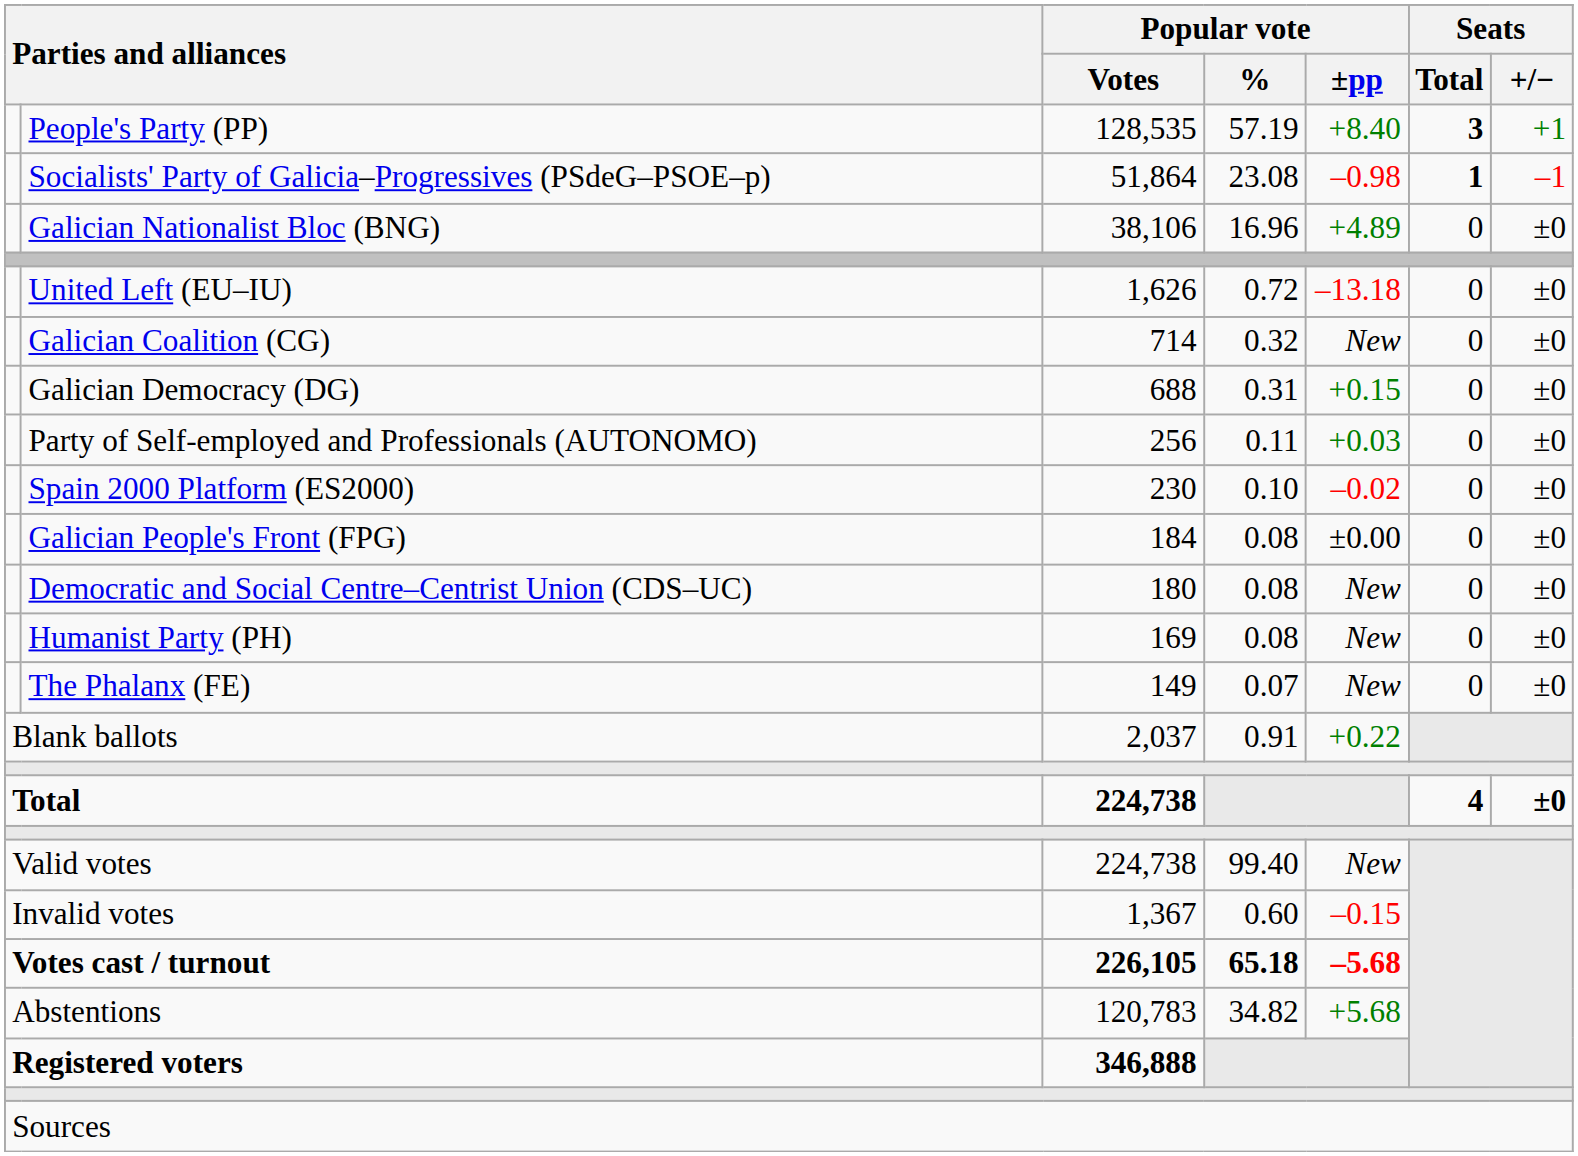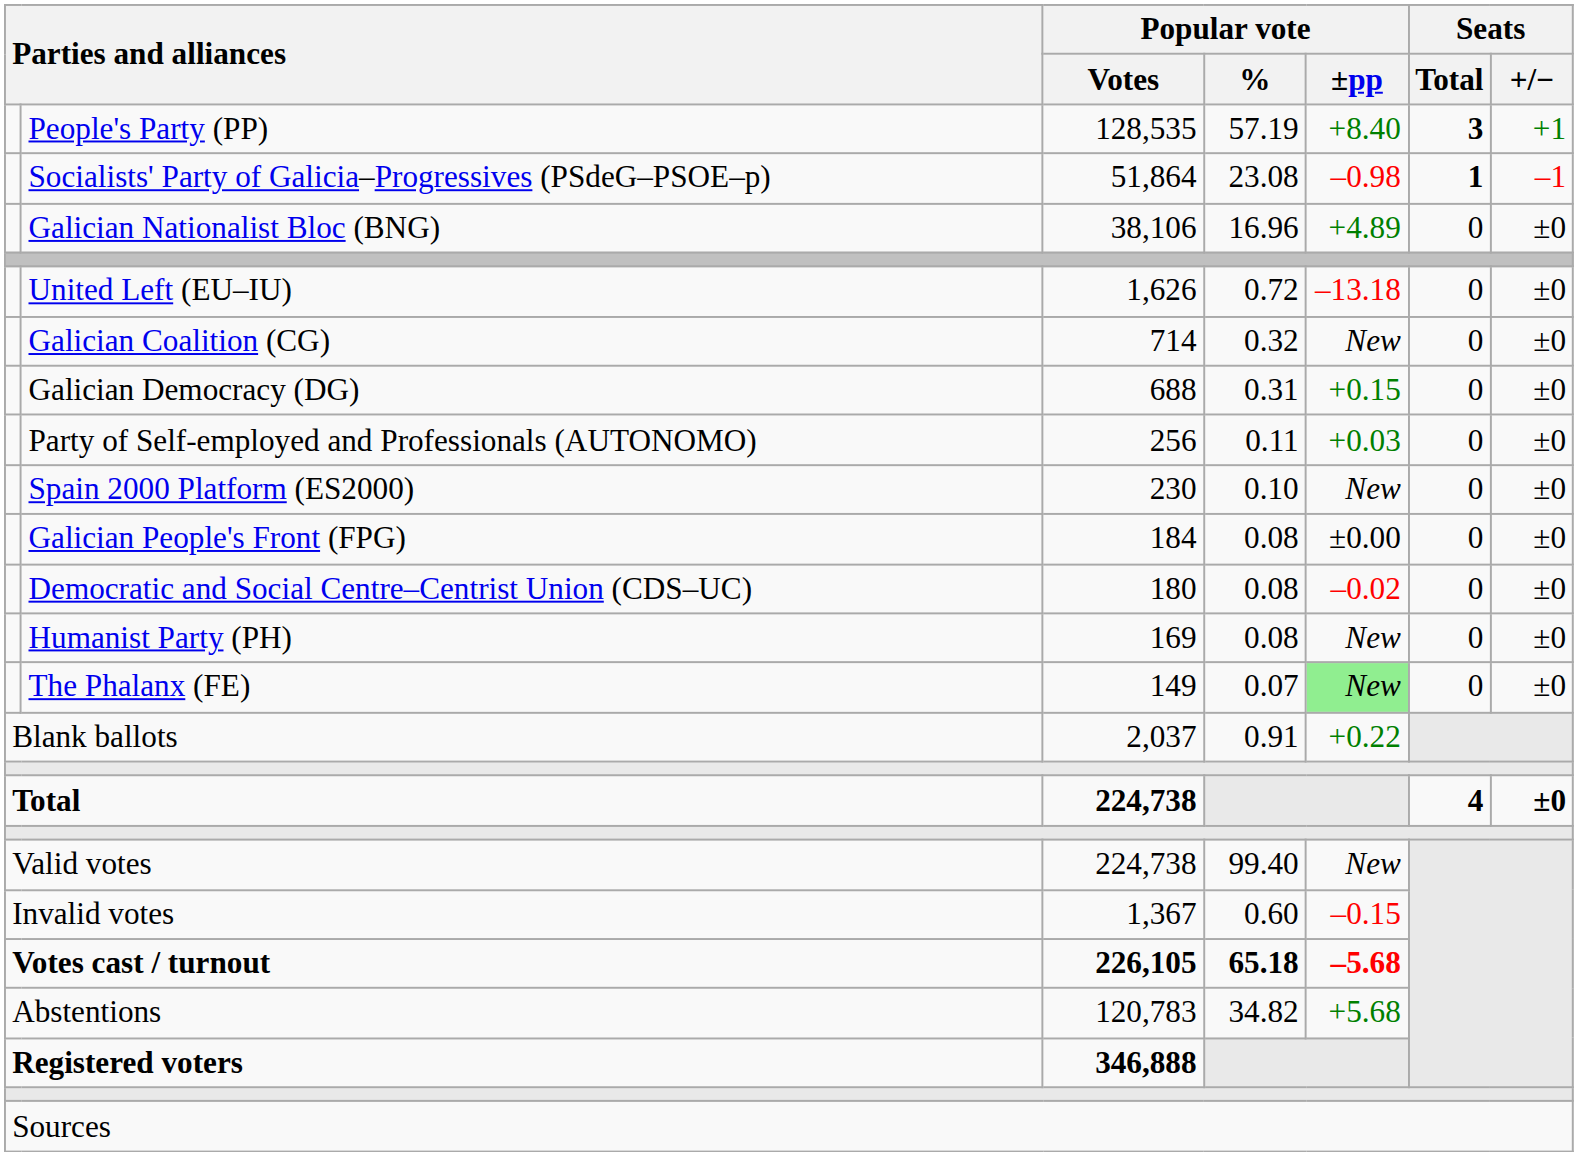 <table class="wikitable" style="text-align:right;">
 <tr>
 <th style="text-align:left;" rowspan="2" colspan="2" width="525">Parties and alliances</th>
 <th colspan="3">Popular vote</th>
 <th colspan="2">Seats</th>
 </tr>
 <tr>
 <th width="75">Votes</th>
 <th width="45">%</th>
 <th width="45">±<a href='#'>pp</a></th>
 <th width="35">Total</th>
 <th width="35">+/−</th>
 </tr>
 <tr>
 <td width="1" style="color:inherit;background:"></td>
 <td align="left"><a href='#'>People's Party</a> (PP)</td>
 <td>128,535</td>
 <td>57.19</td>
 <td style="color:green;">+8.40</td>
 <td><strong>3</strong></td>
 <td style="color:green;">+1</td>
 </tr>
 <tr>
 <td style="color:inherit;background:"></td>
 <td align="left"><a href='#'>Socialists' Party of Galicia</a>–<a href='#'>Progressives</a> (PSdeG–PSOE–p)</td>
 <td>51,864</td>
 <td>23.08</td>
 <td style="color:red;">–0.98</td>
 <td><strong>1</strong></td>
 <td style="color:red;">–1</td>
 </tr>
 <tr>
 <td style="color:inherit;background:"></td>
 <td align="left"><a href='#'>Galician Nationalist Bloc</a> (BNG)</td>
 <td>38,106</td>
 <td>16.96</td>
 <td style="color:green;">+4.89</td>
 <td>0</td>
 <td>±0</td>
 </tr>
 <tr>
 <td colspan="7" bgcolor="#C0C0C0"></td>
 </tr>
 <tr>
 <td style="color:inherit;background:"></td>
 <td align="left"><a href='#'>United Left</a> (EU–IU)</td>
 <td>1,626</td>
 <td>0.72</td>
 <td style="color:red;">–13.18</td>
 <td>0</td>
 <td>±0</td>
 </tr>
 <tr>
 <td style="color:inherit;background:"></td>
 <td align="left"><a href='#'>Galician Coalition</a> (CG)</td>
 <td>714</td>
 <td>0.32</td>
 <td><em>New</em></td>
 <td>0</td>
 <td>±0</td>
 </tr>
 <tr>
 <td style="color:inherit;background:"></td>
 <td align="left">Galician Democracy (DG)</td>
 <td>688</td>
 <td>0.31</td>
 <td style="color:green;">+0.15</td>
 <td>0</td>
 <td>±0</td>
 </tr>
 <tr>
 <td style="color:inherit;background:"></td>
 <td align="left">Party of Self-employed and Professionals (AUTONOMO)</td>
 <td>256</td>
 <td>0.11</td>
 <td style="color:green;">+0.03</td>
 <td>0</td>
 <td>±0</td>
 </tr>
 <tr>
 <td style="color:inherit;background:"></td>
 <td align="left"><a href='#'>Spain 2000 Platform</a> (ES2000)</td>
 <td>230</td>
 <td>0.10</td>
-<td style="color:red;">–0.02</td>
+<td><em>New</em></td>
 <td>0</td>
 <td>±0</td>
 </tr>
 <tr>
 <td style="color:inherit;background:"></td>
 <td align="left"><a href='#'>Galician People's Front</a> (FPG)</td>
 <td>184</td>
 <td>0.08</td>
 <td>±0.00</td>
 <td>0</td>
 <td>±0</td>
 </tr>
 <tr>
 <td style="color:inherit;background:"></td>
 <td align="left"><a href='#'>Democratic and Social Centre–Centrist Union</a> (CDS–UC)</td>
 <td>180</td>
 <td>0.08</td>
-<td><em>New</em></td>
+<td style="color:red;">–0.02</td>
 <td>0</td>
 <td>±0</td>
 </tr>
 <tr>
 <td style="color:inherit;background:"></td>
 <td align="left"><a href='#'>Humanist Party</a> (PH)</td>
 <td>169</td>
 <td>0.08</td>
 <td><em>New</em></td>
 <td>0</td>
 <td>±0</td>
 </tr>
 <tr>
 <td style="color:inherit;background:"></td>
 <td align="left"><a href='#'>The Phalanx</a> (FE)</td>
 <td>149</td>
 <td>0.07</td>
-<td><em>New</em></td>
+<td style="background: lightgreen;"><em>New</em></td>
 <td>0</td>
 <td>±0</td>
 </tr>
 <tr>
 <td align="left" colspan="2">Blank ballots</td>
 <td>2,037</td>
 <td>0.91</td>
 <td style="color:green;">+0.22</td>
 <td bgcolor="#E9E9E9" colspan="2"></td>
 </tr>
 <tr>
 <td colspan="7" bgcolor="#E9E9E9"></td>
 </tr>
 <tr style="font-weight:bold;">
 <td align="left" colspan="2">Total</td>
 <td>224,738</td>
 <td bgcolor="#E9E9E9" colspan="2"></td>
 <td>4</td>
 <td>±0</td>
 </tr>
 <tr>
 <td colspan="7" bgcolor="#E9E9E9"></td>
 </tr>
 <tr>
 <td align="left" colspan="2">Valid votes</td>
 <td>224,738</td>
 <td>99.40</td>
 <td><em>New</em></td>
 <td bgcolor="#E9E9E9" colspan="2" rowspan="5"></td>
 </tr>
 <tr>
 <td align="left" colspan="2">Invalid votes</td>
 <td>1,367</td>
 <td>0.60</td>
 <td style="color:red;">–0.15</td>
 </tr>
 <tr style="font-weight:bold;">
 <td align="left" colspan="2">Votes cast / turnout</td>
 <td>226,105</td>
 <td>65.18</td>
 <td style="color:red;">–5.68</td>
 </tr>
 <tr>
 <td align="left" colspan="2">Abstentions</td>
 <td>120,783</td>
 <td>34.82</td>
 <td style="color:green;">+5.68</td>
 </tr>
 <tr style="font-weight:bold;">
 <td align="left" colspan="2">Registered voters</td>
 <td>346,888</td>
 <td bgcolor="#E9E9E9" colspan="2"></td>
 </tr>
 <tr>
 <td colspan="7" bgcolor="#E9E9E9"></td>
 </tr>
 <tr>
 <td align="left" colspan="7">Sources</td>
 </tr>
 </table>
